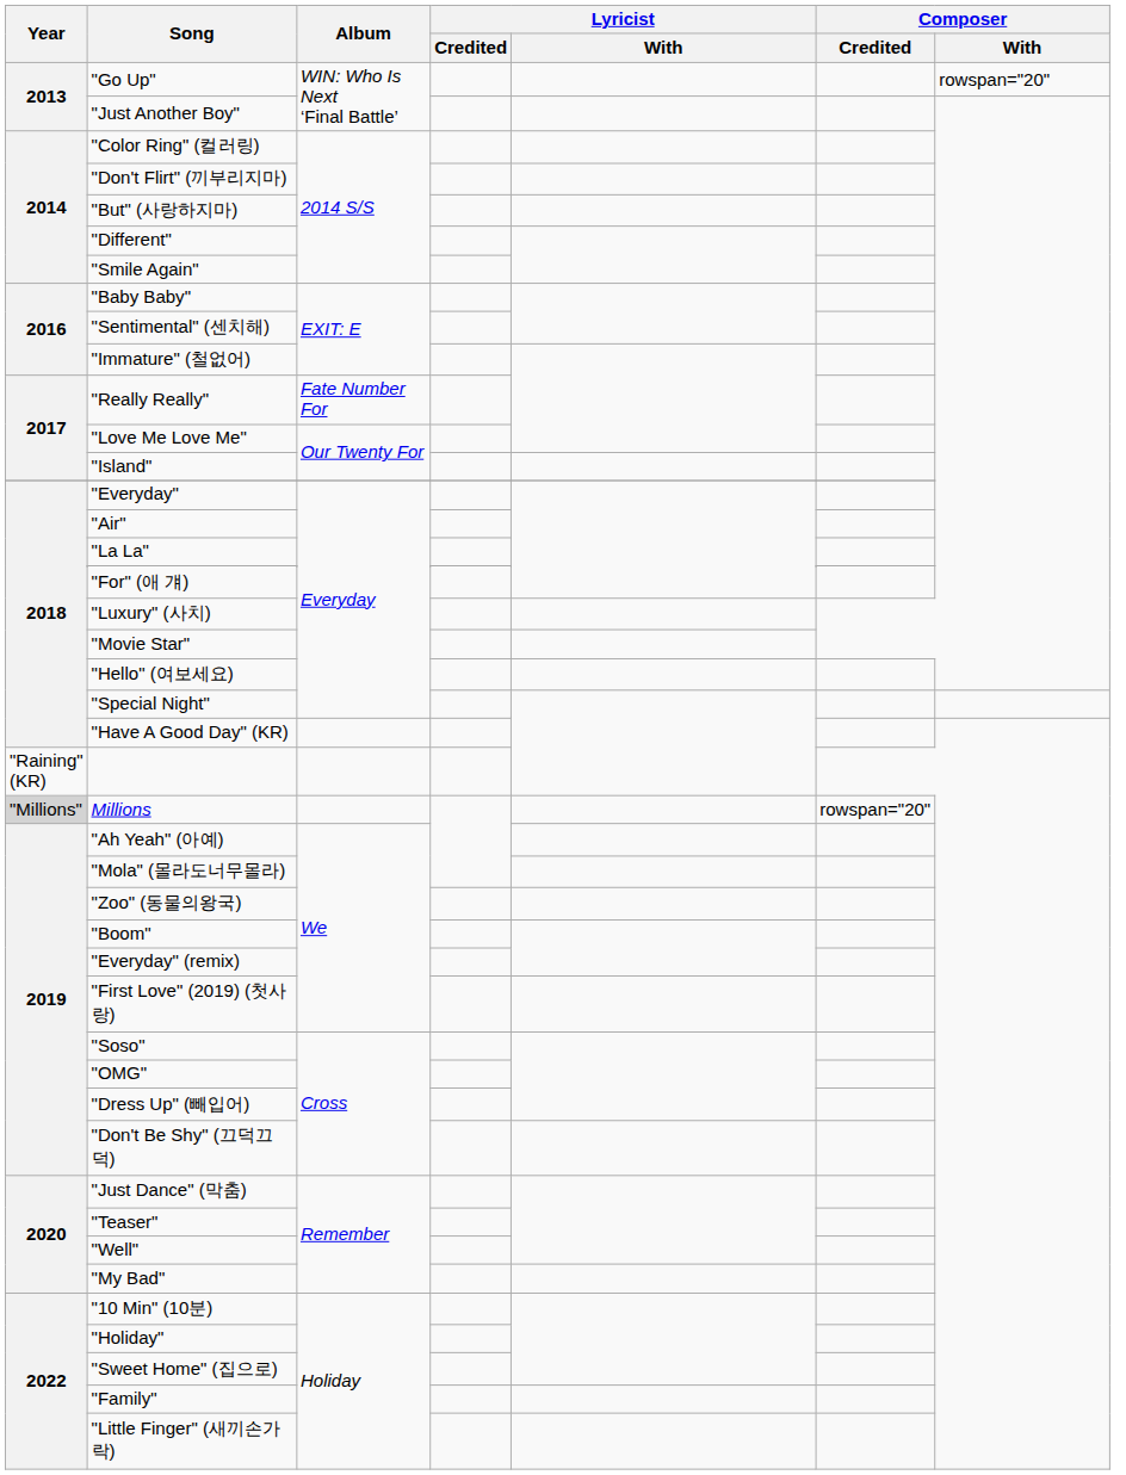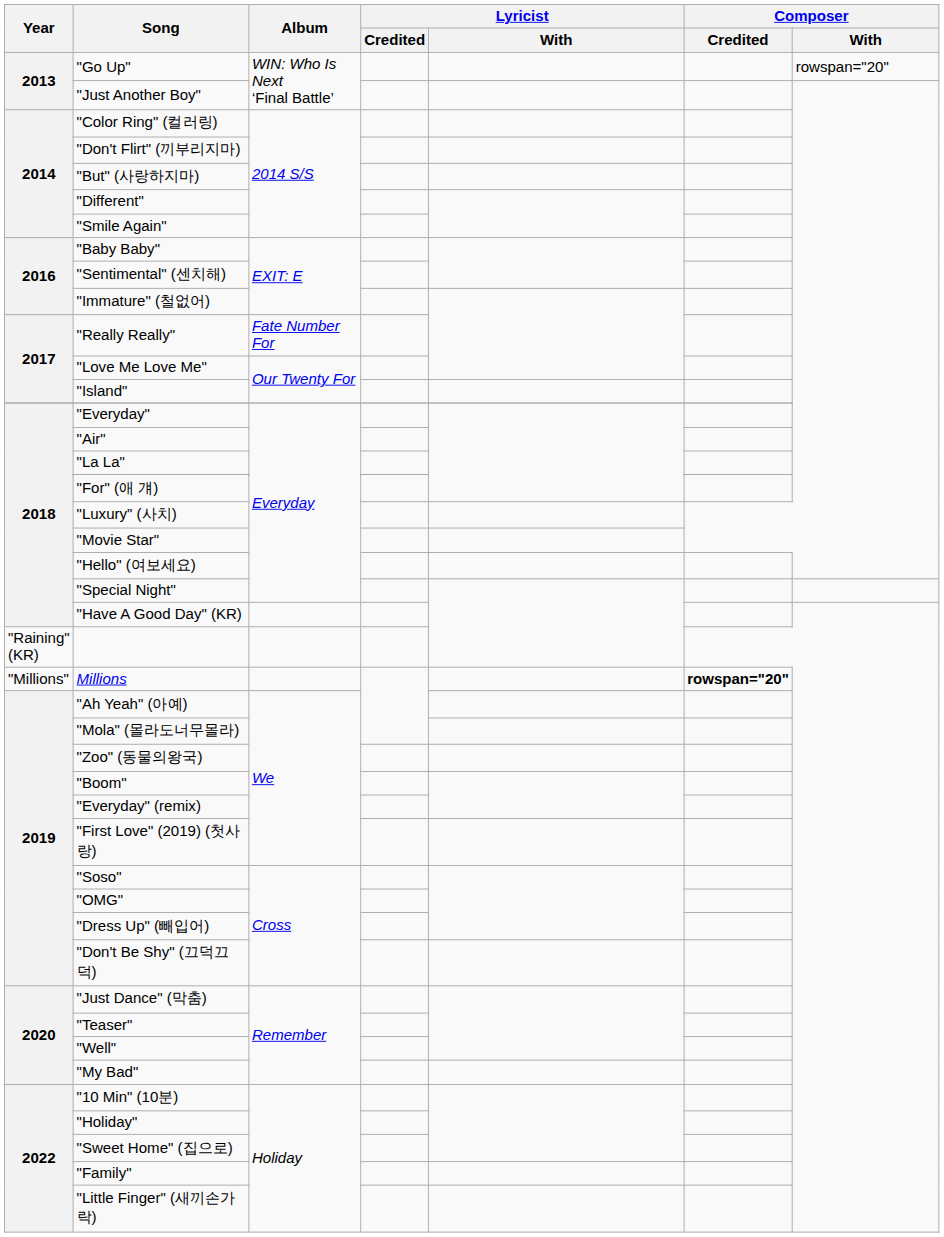 <table class="wikitable sortable plainrowheaders">
 <tr>
 <th rowspan="2" style="width:2em;">Year</th>
 <th rowspan="2" style="width:11.2em;">Song</th>
 <th rowspan="2" style="width:7em;">Album</th>
 <th colspan="2"><a href='#'>Lyricist</a></th>
 <th colspan="2"><a href='#'>Composer</a></th>
 </tr>
 <tr>
 <th>Credited</th>
 <th style="width:16.5em;">With</th>
 <th>Credited</th>
 <th style="width:9.3em;">With</th>
 </tr>
 <tr>
 <th scope="row" rowspan="2">2013</th>
 <td>"Go Up"</td>
 <td rowspan="2"><em>WIN: Who Is Next</em><br>‘Final Battle’</td>
 <td></td>
 <td style="text-align:center"></td>
 <td></td>
 <td>rowspan="20" </td>
 </tr>
 <tr>
 <td>"Just Another Boy"</td>
 <td></td>
 <td style="text-align:center"></td>
 <td></td>
 </tr>
 <tr>
 <th scope="row" rowspan="5">2014</th>
 <td>"Color Ring" (컬러링)</td>
 <td rowspan="5"><em><a href='#'>2014 S/S</a></em></td>
 <td></td>
 <td style="text-align:center"></td>
 <td></td>
 </tr>
 <tr>
 <td>"Don't Flirt" (끼부리지마)</td>
 <td></td>
 <td style="text-align:center"></td>
 <td></td>
 </tr>
 <tr>
 <td>"But" (사랑하지마)</td>
 <td></td>
 <td style="text-align:center"></td>
 <td></td>
 </tr>
 <tr>
 <td>"Different"</td>
 <td></td>
 <td style="text-align:center" rowspan="2"></td>
 <td></td>
 </tr>
 <tr>
 <td>"Smile Again"</td>
 <td></td>
 <td></td>
 </tr>
 <tr>
 <th scope="row" rowspan="3">2016</th>
 <td>"Baby Baby"</td>
 <td rowspan="3"><a href='#'><em>EXIT: E</em></a></td>
 <td></td>
 <td style="text-align:center" rowspan="2"></td>
 <td></td>
 </tr>
 <tr>
 <td>"Sentimental" (센치해)</td>
 <td></td>
 <td></td>
 </tr>
 <tr>
 <td>"Immature" (철없어)</td>
 <td></td>
 <td style="text-align:center" rowspan="3"></td>
 <td></td>
 </tr>
 <tr>
 <th scope="row" rowspan="3">2017</th>
 <td>"Really Really"</td>
 <td><em><a href='#'>Fate Number For</a></em></td>
 <td></td>
 <td></td>
 </tr>
 <tr>
 <td>"Love Me Love Me"</td>
 <td rowspan="2"><em><a href='#'>Our Twenty For</a></em></td>
 <td></td>
 <td></td>
 </tr>
 <tr>
 <td>"Island"</td>
 <td></td>
 <td style="text-align:center"></td>
 <td></td>
 </tr>
 <tr>
 </tr>
 <tr>
 <th scope="row" rowspan="11">2018</th>
 <td>"Everyday"</td>
 <td rowspan="10"><em><a href='#'>Everyday</a></em></td>
 <td></td>
 <td style="text-align:center" rowspan="6"></td>
 <td></td>
 </tr>
 <tr>
 <td>"Air"</td>
 <td></td>
 <td></td>
 </tr>
 <tr>
 <td>"La La"</td>
 <td></td>
 <td></td>
 </tr>
 <tr>
 </tr>
 <tr>
 </tr>
 <tr>
 <td>"For" (애 걔)</td>
 <td></td>
 <td></td>
 </tr>
 <tr>
 <td>"Luxury" (사치)</td>
 <td></td>
 <td></td>
 </tr>
 <tr>
 <td>"Movie Star"</td>
 <td></td>
 <td></td>
 </tr>
 <tr>
 <td>"Hello" (여보세요)</td>
 <td></td>
 <td style="text-align:center"></td>
 <td></td>
 </tr>
 <tr>
 <td>"Special Night"</td>
 <td></td>
 <td style="text-align:center" rowspan="3"></td>
 <td></td>
 <td style="text-align:center"></td>
 </tr>
 <tr>
 <td>"Have A Good Day" (KR)</td>
 <td></td>
 <td></td>
 <td></td>
 </tr>
 <tr>
 <td>"Raining" (KR)</td>
 <td></td>
 <td></td>
 <td style="text-align:center"></td>
 </tr>
 <tr>
-<td style="background: lightgrey;">"Millions"</td>
+<td>"Millions"</td>
 <td><em><a href='#'>Millions</a></em></td>
 <td></td>
 <td style="text-align:center" rowspan="3"></td>
 <td></td>
-<td>rowspan="20" </td>
+<td><strong>rowspan="20" </strong></td>
 </tr>
 <tr>
 <th scope="row" rowspan="10">2019</th>
 <td>"Ah Yeah" (아예)</td>
 <td rowspan="6"><em><a href='#'>We</a></em></td>
 <td></td>
 <td></td>
 </tr>
 <tr>
 <td>"Mola" (몰라도너무몰라)</td>
 <td></td>
 <td></td>
 </tr>
 <tr>
 <td>"Zoo" (동물의왕국)</td>
 <td></td>
 <td style="text-align:center"></td>
 <td></td>
 </tr>
 <tr>
 <td>"Boom"</td>
 <td></td>
 <td style="text-align:center" rowspan="2"></td>
 <td></td>
 </tr>
 <tr>
 <td>"Everyday" (remix)</td>
 <td></td>
 <td></td>
 </tr>
 <tr>
 <td>"First Love" (2019) (첫사랑)</td>
 <td></td>
 <td style="text-align:center"></td>
 <td></td>
 </tr>
 <tr>
 <td>"Soso"</td>
 <td rowspan="4"><em><a href='#'>Cross</a></em></td>
 <td></td>
 <td style="text-align:center" rowspan="3"></td>
 <td></td>
 </tr>
 <tr>
 <td>"OMG"</td>
 <td></td>
 <td></td>
 </tr>
 <tr>
 <td>"Dress Up" (빼입어)</td>
 <td></td>
 <td></td>
 </tr>
 <tr>
 <td>"Don't Be Shy" (끄덕끄덕)</td>
 <td></td>
 <td style="text-align:center"></td>
 <td></td>
 </tr>
 <tr>
 <th scope="row" rowspan="4">2020</th>
 <td>"Just Dance" (막춤)</td>
 <td rowspan="4"><em><a href='#'>Remember</a></em></td>
 <td></td>
 <td style="text-align:center" rowspan="3"></td>
 <td></td>
 </tr>
 <tr>
 <td>"Teaser"</td>
 <td></td>
 <td></td>
 </tr>
 <tr>
 <td>"Well"</td>
 <td></td>
 <td></td>
 </tr>
 <tr>
 <td>"My Bad"</td>
 <td></td>
 <td style="text-align:center"></td>
 <td></td>
 </tr>
 <tr>
 <th scope="row" rowspan="5">2022</th>
 <td>"10 Min" (10분)</td>
 <td rowspan="5"><em>Holiday</em></td>
 <td></td>
 <td style="text-align:center" rowspan="3"></td>
 <td></td>
 </tr>
 <tr>
 <td>"Holiday"</td>
 <td></td>
 <td></td>
 </tr>
 <tr>
 <td>"Sweet Home" (집으로)</td>
 <td></td>
 <td></td>
 </tr>
 <tr>
 <td>"Family"</td>
 <td></td>
 <td style="text-align:center"></td>
 <td></td>
 </tr>
 <tr>
 <td>"Little Finger" (새끼손가락)</td>
 <td></td>
 <td style="text-align:center" rowspan="3"></td>
 <td></td>
 </tr>
 </table>
